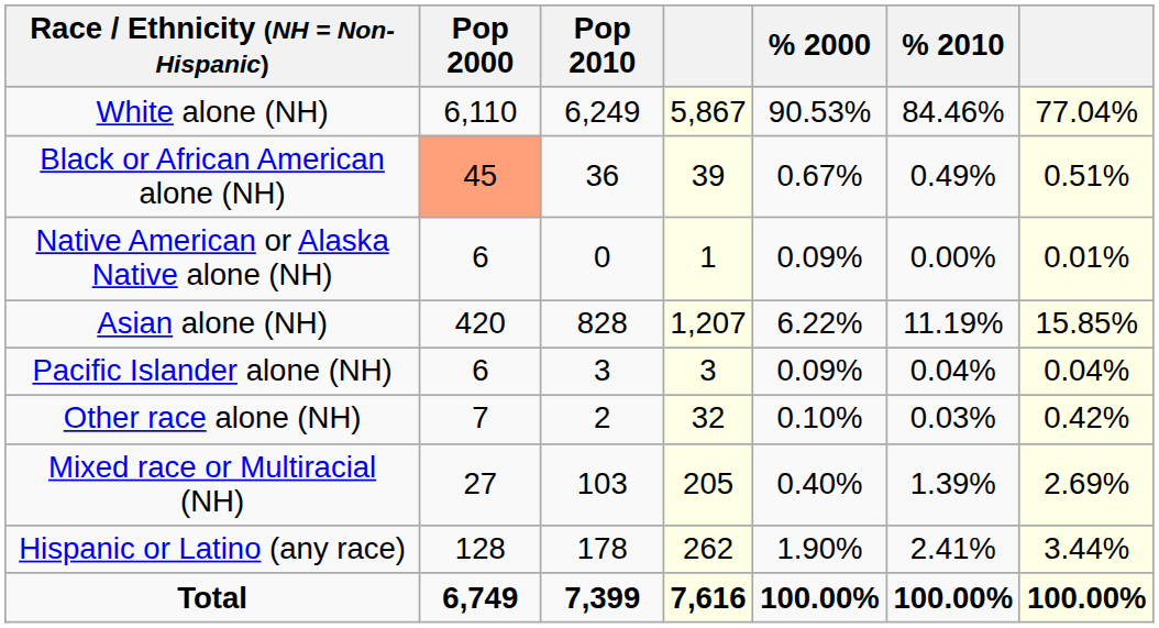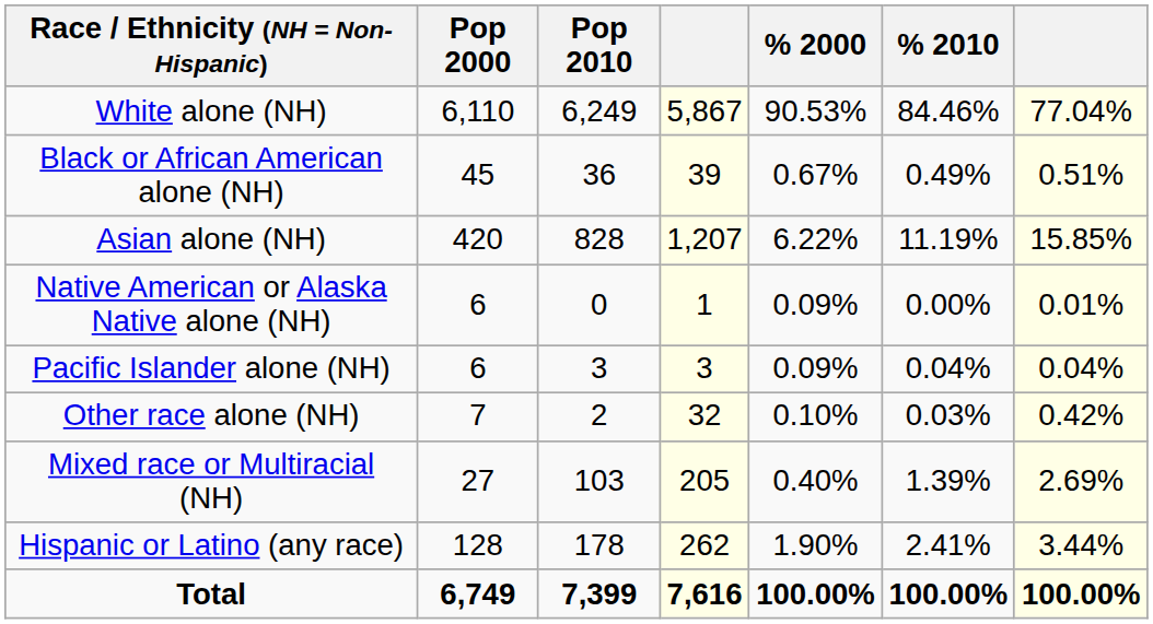 <table class="wikitable" style="text-align:center;">
 <tr>
 <th>Race / Ethnicity <small>(<em>NH = Non-Hispanic</em>)</small></th>
 <th>Pop 2000</th>
 <th>Pop 2010</th>
 <th></th>
 <th>% 2000</th>
 <th>% 2010</th>
 <th></th>
 </tr>
 <tr>
 <td><a href='#'>White</a> alone (NH)</td>
 <td>6,110</td>
 <td>6,249</td>
 <td style='background: #ffffe6;'>5,867</td>
 <td>90.53%</td>
 <td>84.46%</td>
 <td style='background: #ffffe6;'>77.04%</td>
 </tr>
 <tr>
 <td><a href='#'>Black or African American</a> alone (NH)</td>
-<td style="background: lightsalmon;">45</td>
+<td>45</td>
 <td>36</td>
 <td style='background: #ffffe6;'>39</td>
 <td>0.67%</td>
 <td>0.49%</td>
 <td style='background: #ffffe6;'>0.51%</td>
+</tr>
+<tr>
+<td><a href='#'>Asian</a> alone (NH)</td>
+<td>420</td>
+<td>828</td>
+<td style='background: #ffffe6;'>1,207</td>
+<td>6.22%</td>
+<td>11.19%</td>
+<td style='background: #ffffe6;'>15.85%</td>
 </tr>
 <tr>
 <td><a href='#'>Native American</a> or <a href='#'>Alaska Native</a> alone (NH)</td>
 <td>6</td>
 <td>0</td>
 <td style='background: #ffffe6;'>1</td>
 <td>0.09%</td>
 <td>0.00%</td>
 <td style='background: #ffffe6;'>0.01%</td>
-</tr>
-<tr>
-<td><a href='#'>Asian</a> alone (NH)</td>
-<td>420</td>
-<td>828</td>
-<td style='background: #ffffe6;'>1,207</td>
-<td>6.22%</td>
-<td>11.19%</td>
-<td style='background: #ffffe6;'>15.85%</td>
 </tr>
 <tr>
 <td><a href='#'>Pacific Islander</a> alone (NH)</td>
 <td>6</td>
 <td>3</td>
 <td style='background: #ffffe6;'>3</td>
 <td>0.09%</td>
 <td>0.04%</td>
 <td style='background: #ffffe6;'>0.04%</td>
 </tr>
 <tr>
 <td><a href='#'>Other race</a> alone (NH)</td>
 <td>7</td>
 <td>2</td>
 <td style='background: #ffffe6;'>32</td>
 <td>0.10%</td>
 <td>0.03%</td>
 <td style='background: #ffffe6;'>0.42%</td>
 </tr>
 <tr>
 <td><a href='#'>Mixed race or Multiracial</a> (NH)</td>
 <td>27</td>
 <td>103</td>
 <td style='background: #ffffe6;'>205</td>
 <td>0.40%</td>
 <td>1.39%</td>
 <td style='background: #ffffe6;'>2.69%</td>
 </tr>
 <tr>
 <td><a href='#'>Hispanic or Latino</a> (any race)</td>
 <td>128</td>
 <td>178</td>
 <td style='background: #ffffe6;'>262</td>
 <td>1.90%</td>
 <td>2.41%</td>
 <td style='background: #ffffe6;'>3.44%</td>
 </tr>
 <tr>
 <td><strong>Total</strong></td>
 <td><strong>6,749</strong></td>
 <td><strong>7,399</strong></td>
 <td style='background: #ffffe6;'><strong>7,616</strong></td>
 <td><strong>100.00%</strong></td>
 <td><strong>100.00%</strong></td>
 <td style='background: #ffffe6;'><strong>100.00%</strong></td>
 </tr>
 </table>
